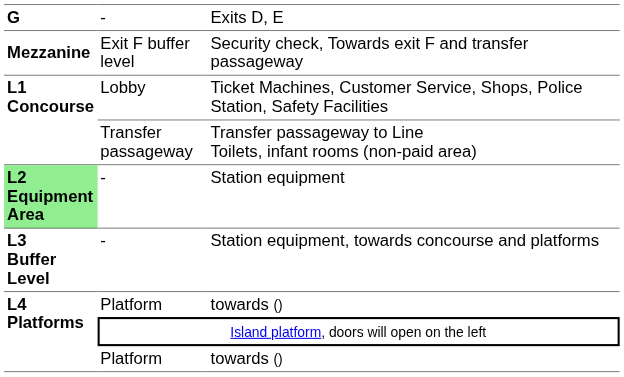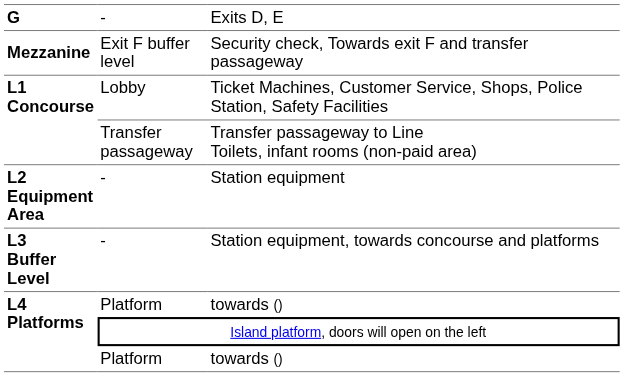 <table table border=0 cellspacing=0 cellpadding=3>
 <tr>
 <td style="border-top:solid 1px gray;" width=50 valign=top><strong>G</strong></td>
 <td style="border-top:solid 1px gray;" width=100 valign=top>-</td>
 <td style="border-top:solid 1px gray;" width=390 valign=top>Exits D, E</td>
 </tr>
 <tr>
 <td style="border-top:solid 1px gray;"><strong>Mezzanine</strong></td>
 <td style="border-top:solid 1px gray;">Exit F buffer level</td>
 <td style="border-top:solid 1px gray;">Security check, Towards exit F and transfer passageway</td>
 </tr>
 <tr>
 <td style="border-bottom:solid 1px gray; border-top:solid 1px gray;" valign=top rowspan=2><strong>L1<br>Concourse</strong></td>
 <td style="border-bottom:solid 1px gray; border-top:solid 1px gray;" valign=top>Lobby</td>
 <td style="border-bottom:solid 1px gray; border-top:solid 1px gray;" valign=top>Ticket Machines, Customer Service, Shops, Police Station, Safety Facilities</td>
 </tr>
 <tr>
 <td style="border-bottom:solid 1px gray;">Transfer passageway</td>
 <td style="border-bottom:solid 1px gray;">Transfer passageway to Line <br>Toilets, infant rooms (non-paid area)</td>
 </tr>
 <tr>
-<td style="background: lightgreen; border-bottom:solid 1px gray;" valign=top><strong>L2<br>Equipment Area</strong></td>
+<td style="border-bottom:solid 1px gray;" valign=top><strong>L2<br>Equipment Area</strong></td>
 <td style="border-bottom:solid 1px gray;" valign=top>-</td>
 <td style="border-bottom:solid 1px gray;" valign=top>Station equipment</td>
 </tr>
 <tr>
 <td style="border-bottom:solid 1px gray;" valign=top><strong>L3<br>Buffer Level</strong></td>
 <td style="border-bottom:solid 1px gray;" valign=top>-</td>
 <td style="border-bottom:solid 1px gray;" valign=top>Station equipment, towards concourse and platforms</td>
 </tr>
 <tr>
 <td style="border-bottom:solid 1px gray;" rowspan=4 valign=top><strong>L4<br>Platforms</strong></td>
 <td>Platform </td>
 <td>  towards  <small>()</small></td>
 </tr>
 <tr>
 <td style="border-right:solid 2px black;border-left:solid 2px black;border-top:solid 2px black;border-bottom:solid 2px black;text-align:center;" colspan=2><small><a href='#'>Island platform</a>, doors will open on the left</small></td>
 </tr>
 <tr>
 <td style="border-bottom:solid 1px gray;">Platform </td>
 <td style="border-bottom:solid 1px gray;"> towards  <small>()</small> </td>
 </tr>
 </table>
